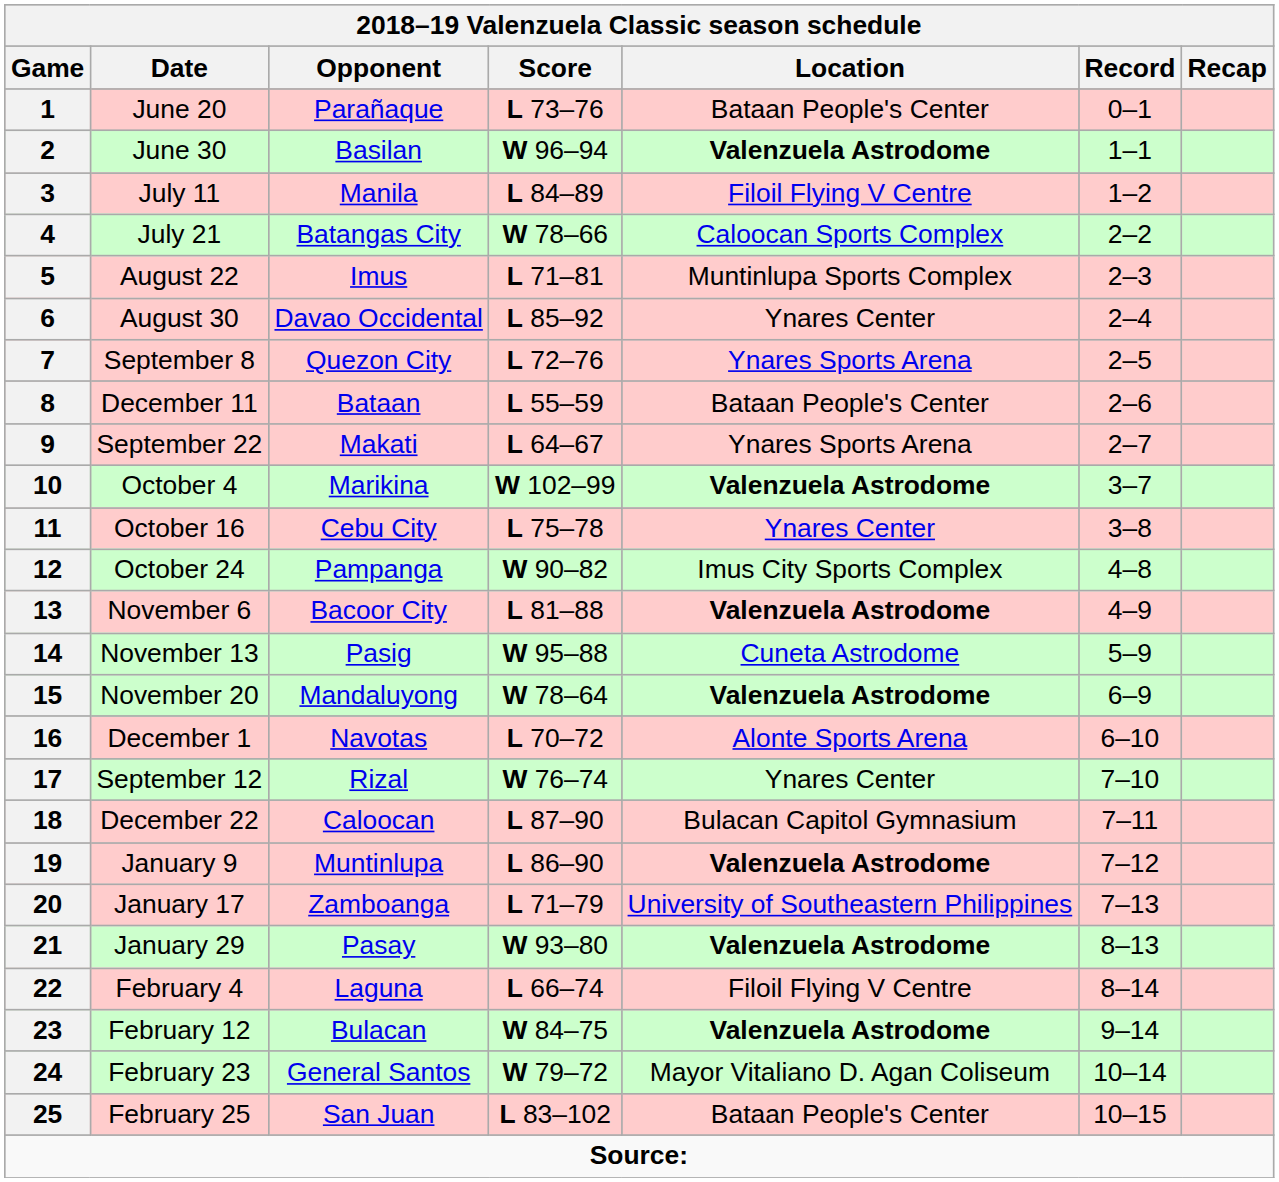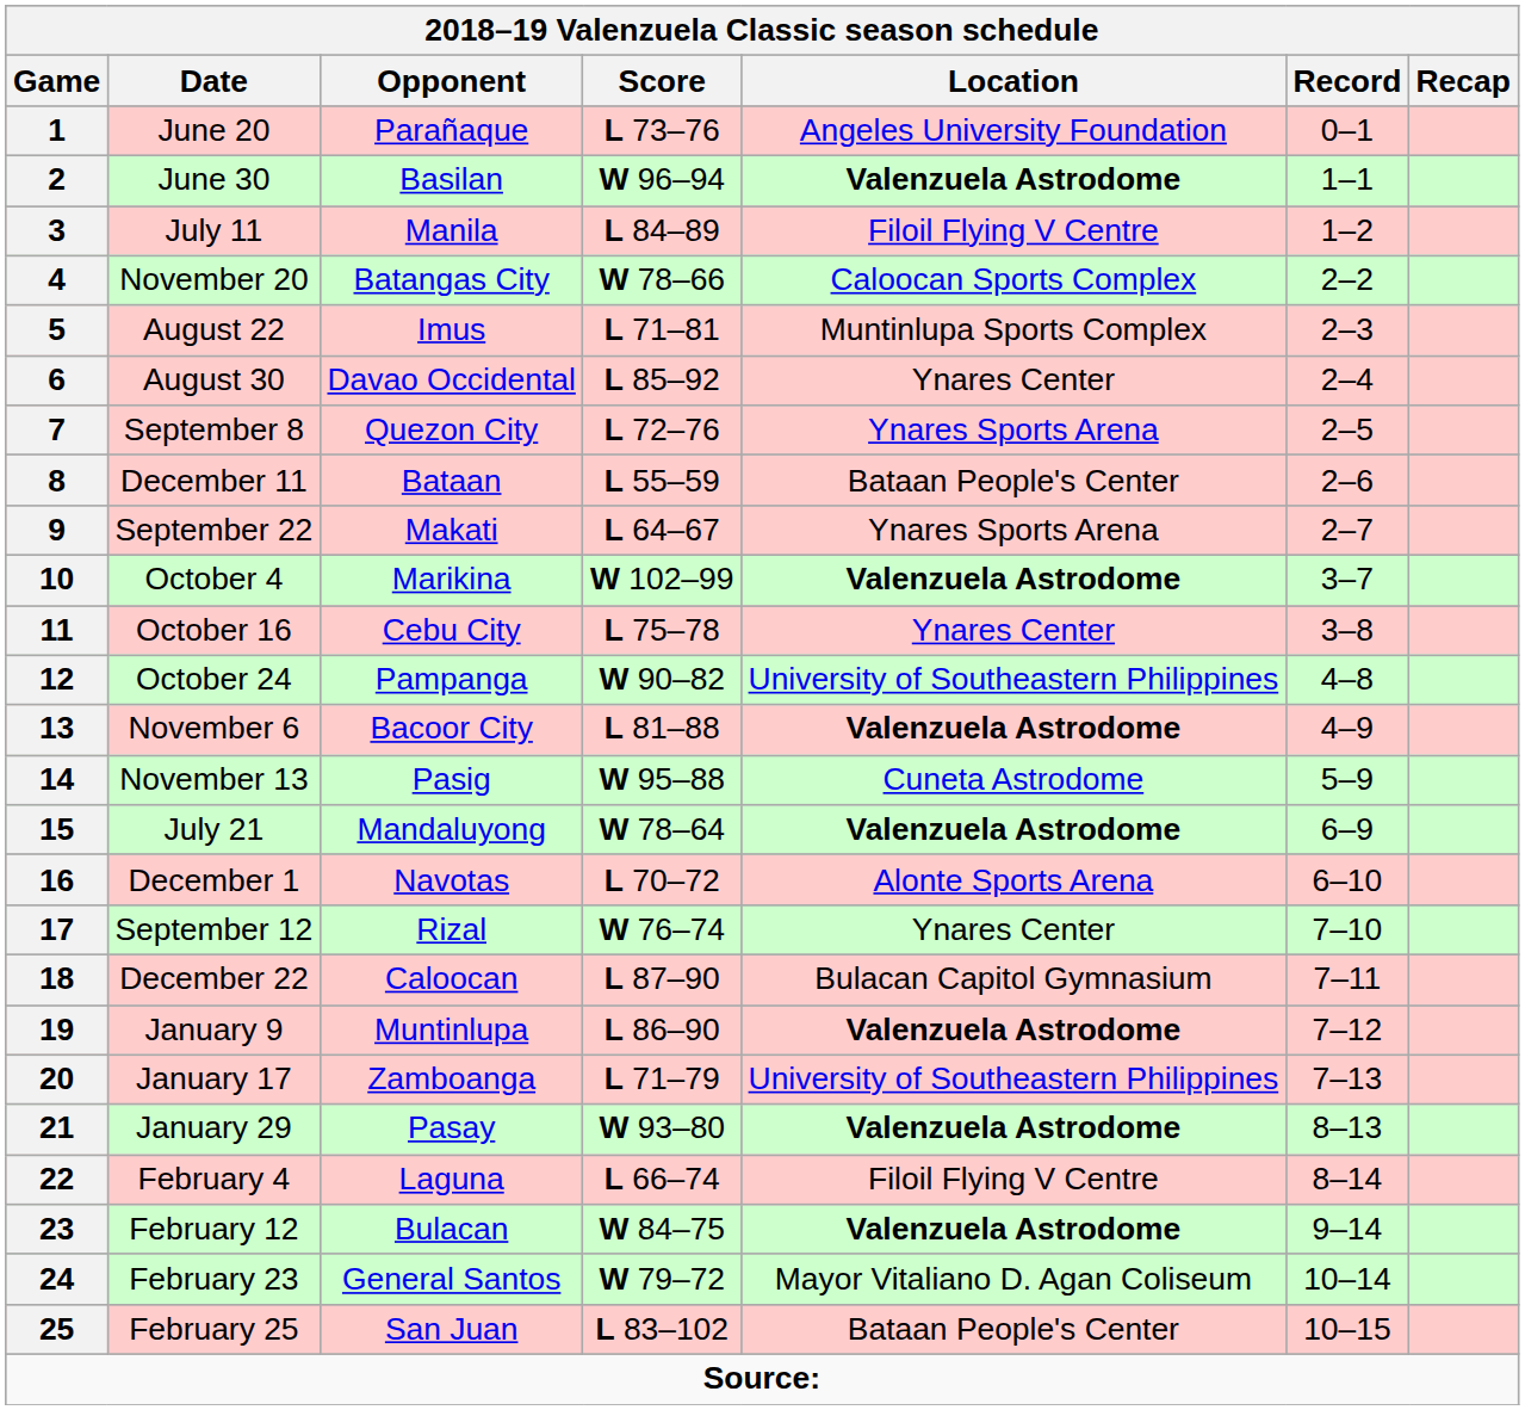 <table class="wikitable" style="text-align:center">
 <tr>
 <th colspan=7>2018–19 Valenzuela Classic season schedule</th>
 </tr>
 <tr>
 <th>Game</th>
 <th>Date</th>
 <th>Opponent</th>
 <th>Score</th>
 <th>Location</th>
 <th>Record</th>
 <th>Recap<br></th>
 </tr>
 <tr style="background:#fcc">
 <th>1</th>
 <td>June 20</td>
 <td><a href='#'>Parañaque</a></td>
 <td><strong>L</strong> 73–76</td>
-<td>Bataan People's Center</td>
+<td><a href='#'>Angeles University Foundation</a></td>
 <td>0–1</td>
 <td></td>
 </tr>
 <tr style="background:#cfc">
 <th>2</th>
 <td>June 30</td>
 <td><a href='#'>Basilan</a></td>
 <td><strong>W</strong> 96–94</td>
 <td><strong>Valenzuela Astrodome</strong></td>
 <td>1–1</td>
 <td></td>
 </tr>
 <tr style="background:#fcc">
 <th>3</th>
 <td>July 11</td>
 <td><a href='#'>Manila</a></td>
 <td><strong>L</strong> 84–89</td>
 <td><a href='#'>Filoil Flying V Centre</a></td>
 <td>1–2</td>
 <td></td>
 </tr>
 <tr style="background:#cfc">
 <th>4</th>
-<td>July 21</td>
+<td>November 20</td>
 <td><a href='#'>Batangas City</a></td>
 <td><strong>W</strong> 78–66</td>
 <td><a href='#'>Caloocan Sports Complex</a></td>
 <td>2–2</td>
 <td></td>
 </tr>
 <tr style="background:#fcc">
 <th>5</th>
 <td>August 22</td>
 <td><a href='#'>Imus</a></td>
 <td><strong>L</strong> 71–81</td>
 <td>Muntinlupa Sports Complex</td>
 <td>2–3</td>
 <td></td>
 </tr>
 <tr style="background:#fcc">
 <th>6</th>
 <td>August 30</td>
 <td><a href='#'>Davao Occidental</a></td>
 <td><strong>L</strong> 85–92</td>
 <td>Ynares Center</td>
 <td>2–4</td>
 <td></td>
 </tr>
 <tr style="background:#fcc">
 <th>7</th>
 <td>September 8</td>
 <td><a href='#'>Quezon City</a></td>
 <td><strong>L</strong> 72–76</td>
 <td><a href='#'>Ynares Sports Arena</a></td>
 <td>2–5</td>
 <td></td>
 </tr>
 <tr style="background:#fcc">
 <th>8</th>
 <td>December 11</td>
 <td><a href='#'>Bataan</a></td>
 <td><strong>L</strong> 55–59</td>
 <td>Bataan People's Center</td>
 <td>2–6</td>
 <td></td>
 </tr>
 <tr style="background:#fcc">
 <th>9</th>
 <td>September 22</td>
 <td><a href='#'>Makati</a></td>
 <td><strong>L</strong> 64–67</td>
 <td>Ynares Sports Arena</td>
 <td>2–7</td>
 <td><br></td>
 </tr>
 <tr style="background:#cfc">
 <th>10</th>
 <td>October 4</td>
 <td><a href='#'>Marikina</a></td>
 <td><strong>W</strong> 102–99 </td>
 <td><strong>Valenzuela Astrodome</strong></td>
 <td>3–7</td>
 <td></td>
 </tr>
 <tr style="background:#fcc">
 <th>11</th>
 <td>October 16</td>
 <td><a href='#'>Cebu City</a></td>
 <td><strong>L</strong> 75–78</td>
 <td><a href='#'>Ynares Center</a></td>
 <td>3–8</td>
 <td></td>
 </tr>
 <tr style="background:#cfc">
 <th>12</th>
 <td>October 24</td>
 <td><a href='#'>Pampanga</a></td>
 <td><strong>W</strong> 90–82</td>
-<td>Imus City Sports Complex</td>
+<td><a href='#'>University of Southeastern Philippines</a></td>
 <td>4–8</td>
 <td></td>
 </tr>
 <tr style="background:#fcc">
 <th>13</th>
 <td>November 6</td>
 <td><a href='#'>Bacoor City</a></td>
 <td><strong>L</strong> 81–88</td>
 <td><strong>Valenzuela Astrodome</strong></td>
 <td>4–9</td>
 <td></td>
 </tr>
 <tr style="background:#cfc">
 <th>14</th>
 <td>November 13</td>
 <td><a href='#'>Pasig</a></td>
 <td><strong>W</strong> 95–88</td>
 <td><a href='#'>Cuneta Astrodome</a></td>
 <td>5–9</td>
 <td></td>
 </tr>
 <tr style="background:#cfc">
 <th>15</th>
-<td>November 20</td>
+<td>July 21</td>
 <td><a href='#'>Mandaluyong</a></td>
 <td><strong>W</strong> 78–64</td>
 <td><strong>Valenzuela Astrodome</strong></td>
 <td>6–9</td>
 <td></td>
 </tr>
 <tr style="background:#fcc">
 <th>16</th>
 <td>December 1</td>
 <td><a href='#'>Navotas</a></td>
 <td><strong>L</strong> 70–72</td>
 <td><a href='#'>Alonte Sports Arena</a></td>
 <td>6–10</td>
 <td></td>
 </tr>
 <tr style="background:#cfc">
 <th>17</th>
 <td>September 12</td>
 <td><a href='#'>Rizal</a></td>
 <td><strong>W</strong> 76–74</td>
 <td>Ynares Center</td>
 <td>7–10</td>
 <td></td>
 </tr>
 <tr style="background:#fcc">
 <th>18</th>
 <td>December 22</td>
 <td><a href='#'>Caloocan</a></td>
 <td><strong>L</strong> 87–90</td>
 <td>Bulacan Capitol Gymnasium</td>
 <td>7–11</td>
 <td><br></td>
 </tr>
 <tr style="background:#fcc">
 <th>19</th>
 <td>January 9</td>
 <td><a href='#'>Muntinlupa</a></td>
 <td><strong>L</strong> 86–90</td>
 <td><strong>Valenzuela Astrodome</strong></td>
 <td>7–12</td>
 <td></td>
 </tr>
 <tr style="background:#fcc">
 <th>20</th>
 <td>January 17</td>
 <td><a href='#'>Zamboanga</a></td>
 <td><strong>L</strong> 71–79</td>
 <td><a href='#'>University of Southeastern Philippines</a></td>
 <td>7–13</td>
 <td></td>
 </tr>
 <tr style="background:#cfc">
 <th>21</th>
 <td>January 29</td>
 <td><a href='#'>Pasay</a></td>
 <td><strong>W</strong> 93–80</td>
 <td><strong>Valenzuela Astrodome</strong></td>
 <td>8–13</td>
 <td></td>
 </tr>
 <tr style="background:#fcc">
 <th>22</th>
 <td>February 4</td>
 <td><a href='#'>Laguna</a></td>
 <td><strong>L</strong> 66–74</td>
 <td>Filoil Flying V Centre</td>
 <td>8–14</td>
 <td></td>
 </tr>
 <tr style="background:#cfc">
 <th>23</th>
 <td>February 12</td>
 <td><a href='#'>Bulacan</a></td>
 <td><strong>W</strong> 84–75</td>
 <td><strong>Valenzuela Astrodome</strong></td>
 <td>9–14</td>
 <td></td>
 </tr>
 <tr style="background:#cfc">
 <th>24</th>
 <td>February 23</td>
 <td><a href='#'>General Santos</a></td>
 <td><strong>W</strong> 79–72</td>
 <td>Mayor Vitaliano D. Agan Coliseum</td>
 <td>10–14</td>
 <td></td>
 </tr>
 <tr style="background:#fcc">
 <th>25</th>
 <td>February 25</td>
 <td><a href='#'>San Juan</a></td>
 <td><strong>L</strong> 83–102</td>
 <td>Bataan People's Center</td>
 <td>10–15</td>
 <td></td>
 </tr>
 <tr>
 <td colspan=7 align=center><strong>Source: </strong></td>
 </tr>
 </table>
